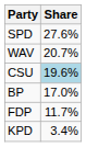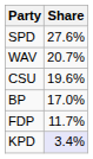 <table class="wikitable">
 <tr>
 <th>Party</th>
 <th>Share</th>
 </tr>
 <tr>
 <td>SPD</td>
 <td align=right>27.6%</td>
 </tr>
 <tr>
 <td>WAV</td>
 <td align=right>20.7%</td>
 </tr>
 <tr>
 <td>CSU</td>
-<td align=right style="background: lightblue;">19.6%</td>
+<td align=right>19.6%</td>
 </tr>
 <tr>
 <td>BP</td>
 <td align=right>17.0%</td>
 </tr>
 <tr>
 <td>FDP</td>
 <td align=right>11.7%</td>
 </tr>
 <tr>
 <td>KPD</td>
-<td align=right>3.4%</td>
+<td align=right style="background: lavender;">3.4%</td>
 </tr>
 </table>
